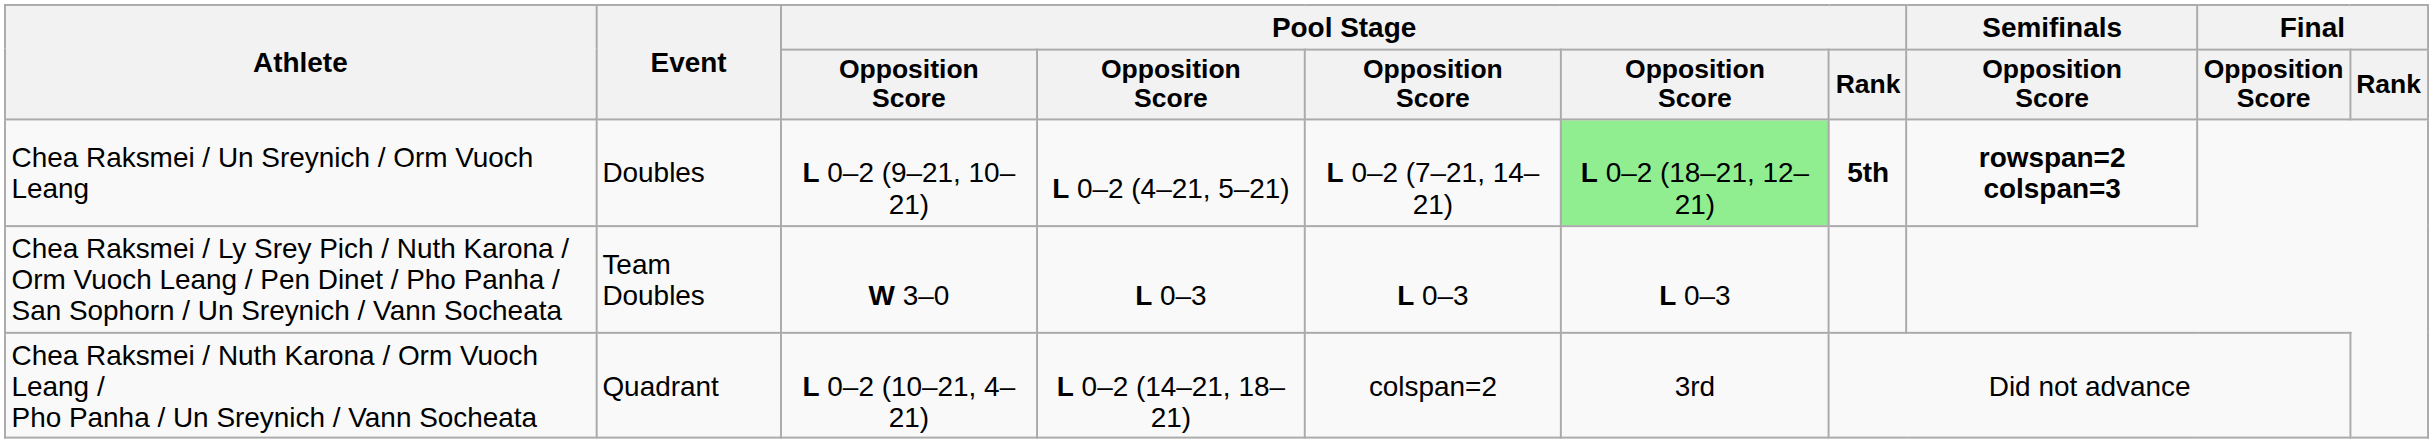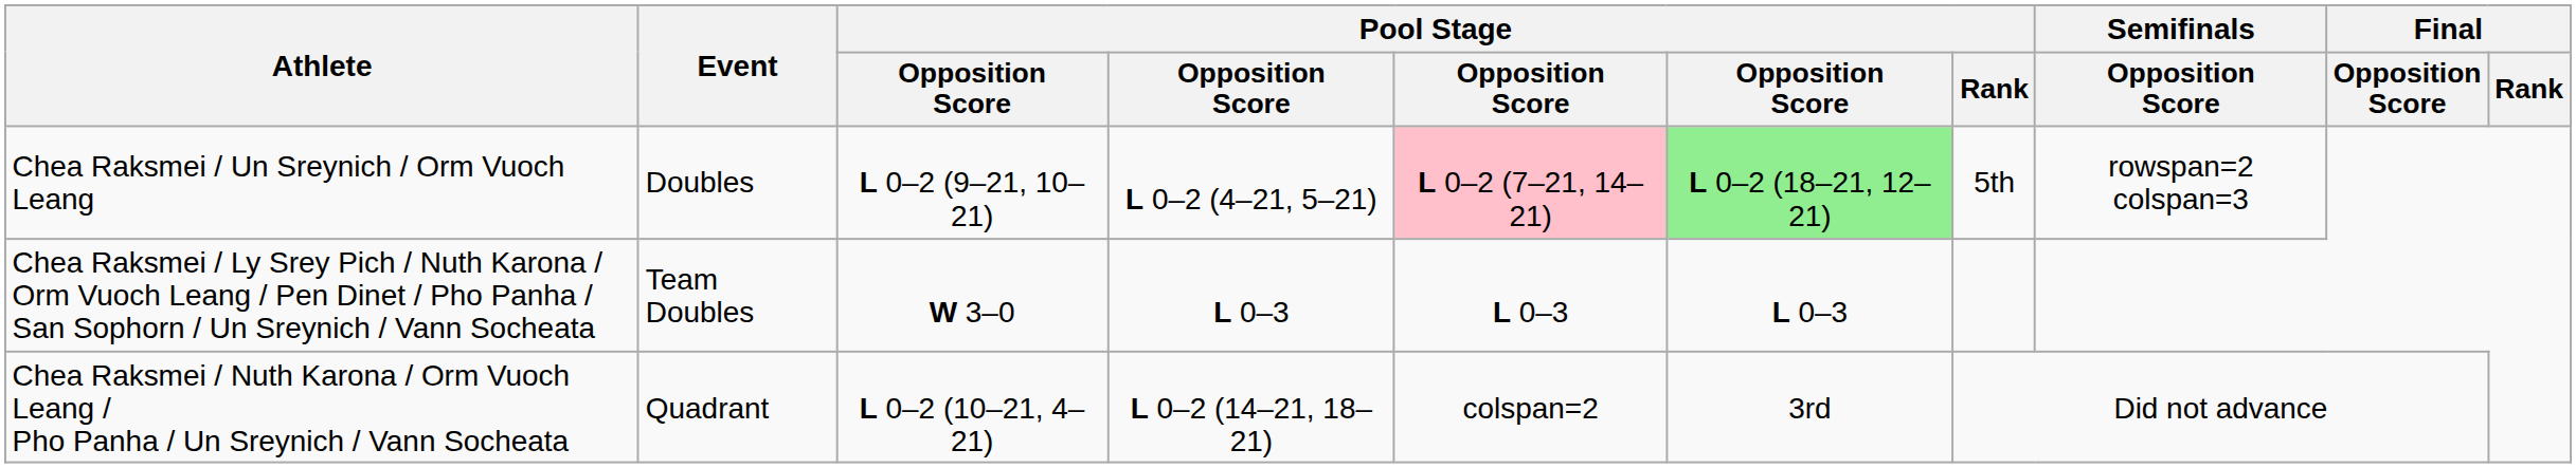 <table class="wikitable" style="font-size:90%">
 <tr>
 <th rowspan=2>Athlete</th>
 <th rowspan=2>Event</th>
 <th colspan=5>Pool Stage</th>
 <th>Semifinals</th>
 <th colspan=2>Final</th>
 </tr>
 <tr style="font-size:95%">
 <th>Opposition<br>Score</th>
 <th>Opposition<br>Score</th>
 <th>Opposition<br>Score</th>
 <th>Opposition<br>Score</th>
 <th>Rank</th>
 <th>Opposition<br>Score</th>
 <th>Opposition<br>Score</th>
 <th>Rank</th>
 </tr>
 <tr align=center>
 <td align=left>Chea Raksmei / Un Sreynich / Orm Vuoch Leang</td>
 <td align=left>Doubles</td>
 <td><br><strong>L</strong> 0–2 (9–21, 10–21)</td>
 <td><br><strong>L</strong> 0–2 (4–21, 5–21)</td>
-<td><br><strong>L</strong> 0–2 (7–21, 14–21)</td>
+<td style="background: pink;"><br><strong>L</strong> 0–2 (7–21, 14–21)</td>
 <td style="background: lightgreen;"><br><strong>L</strong> 0–2 (18–21, 12–21)</td>
-<td><strong>5th</strong></td>
-<td><strong>rowspan=2 colspan=3 </strong></td>
+<td>5th</td>
+<td>rowspan=2 colspan=3 </td>
 </tr>
 <tr align=center>
 <td align=left>Chea Raksmei / Ly Srey Pich / Nuth Karona /<br>Orm Vuoch Leang / Pen Dinet / Pho Panha /<br>San Sophorn / Un Sreynich / Vann Socheata</td>
 <td align=left>Team Doubles</td>
 <td><br><strong>W</strong> 3–0 </td>
 <td><br><strong>L</strong> 0–3</td>
 <td><br><strong>L</strong> 0–3</td>
 <td><br><strong>L</strong> 0–3</td>
 <td></td>
 </tr>
 <tr align=center>
 <td align=left>Chea Raksmei /  Nuth Karona / Orm Vuoch Leang /<br>Pho Panha / Un Sreynich / Vann Socheata</td>
 <td align=left>Quadrant</td>
 <td><br><strong>L</strong> 0–2 (10–21, 4–21)</td>
 <td><br><strong>L</strong> 0–2 (14–21, 18–21)</td>
 <td>colspan=2 </td>
 <td>3rd</td>
 <td colspan=3>Did not advance</td>
 </tr>
 </table>
